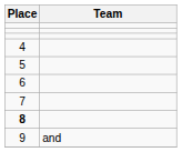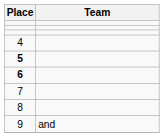 <table class=wikitable style=text-align:center>
 <tr>
 <th width=35>Place</th>
 <th width=185>Team</th>
 </tr>
 <tr>
 <td></td>
 <td style="text-align:left;"></td>
 </tr>
 <tr>
 <td></td>
 <td style="text-align:left;"></td>
 </tr>
 <tr>
 <td></td>
 <td style="text-align:left;"></td>
 </tr>
 <tr>
 <td>4</td>
 <td style="text-align:left;"></td>
 </tr>
 <tr>
-<td>5</td>
+<td><strong>5</strong></td>
 <td style="text-align:left;"></td>
 </tr>
 <tr>
-<td>6</td>
+<td><strong>6</strong></td>
 <td style="text-align:left;"></td>
 </tr>
 <tr>
 <td>7</td>
 <td style="text-align:left;"></td>
 </tr>
 <tr>
-<td><strong>8</strong></td>
+<td>8</td>
 <td style="text-align:left;"></td>
 </tr>
 <tr>
 <td>9</td>
 <td style="text-align:left;"> and </td>
 </tr>
 <tr>
 </tr>
 </table>
